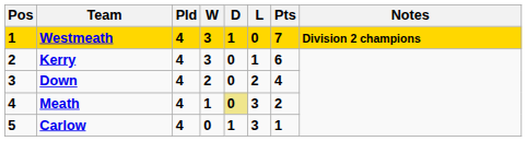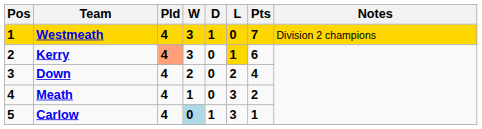 <table class="wikitable" style="text-align: centre;">
 <tr>
 <th width=20>Pos</th>
 <th width=150>Team</th>
 <th width=20>Pld</th>
 <th width=20>W</th>
 <th width=20>D</th>
 <th width=20>L</th>
 <th width=20>Pts</th>
 <th width=250>Notes</th>
 </tr>
 <tr style="background:gold;">
 <td><strong>1</strong></td>
 <td align=left><strong> <a href='#'>Westmeath</a> </strong></td>
 <td><strong>4</strong></td>
 <td><strong>3</strong></td>
 <td><strong>1</strong></td>
 <td><strong>0</strong></td>
 <td><strong>7</strong></td>
-<td><strong><small> Division 2 champions</small></strong></td>
+<td><small> Division 2 champions</small></td>
 </tr>
 <tr style>
 <td><strong>2</strong></td>
 <td align=left><strong> <a href='#'>Kerry</a> </strong></td>
-<td><strong>4</strong></td>
+<td style="background: lightsalmon;"><strong>4</strong></td>
 <td><strong>3</strong></td>
 <td><strong>0</strong></td>
-<td><strong>1</strong></td>
+<td style="background: gold;"><strong>1</strong></td>
 <td><strong>6</strong></td>
 </tr>
 <tr style>
 <td><strong>3</strong></td>
 <td align=left><strong> <a href='#'>Down</a> </strong></td>
 <td><strong>4</strong></td>
 <td><strong>2</strong></td>
 <td><strong>0</strong></td>
 <td><strong>2</strong></td>
 <td><strong>4</strong></td>
 </tr>
 <tr style>
 <td><strong>4</strong></td>
 <td align=left><strong> <a href='#'>Meath</a> </strong></td>
 <td><strong>4</strong></td>
 <td><strong>1</strong></td>
-<td style="background: khaki;"><strong>0</strong></td>
+<td><strong>0</strong></td>
 <td><strong>3</strong></td>
 <td><strong>2</strong></td>
 </tr>
 <tr style>
 <td><strong>5</strong></td>
 <td align=left><strong> <a href='#'>Carlow</a> </strong></td>
 <td><strong>4</strong></td>
-<td><strong>0</strong></td>
+<td style="background: lightblue;"><strong>0</strong></td>
 <td><strong>1</strong></td>
 <td><strong>3</strong></td>
 <td><strong>1</strong></td>
 </tr>
 </table>
